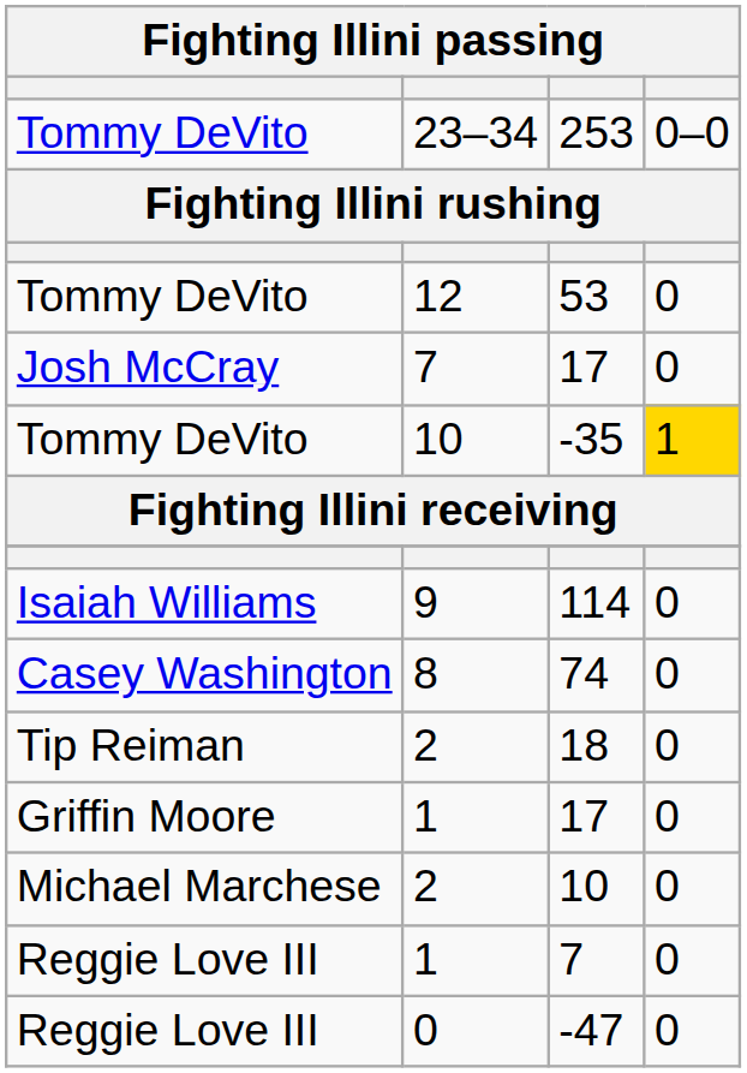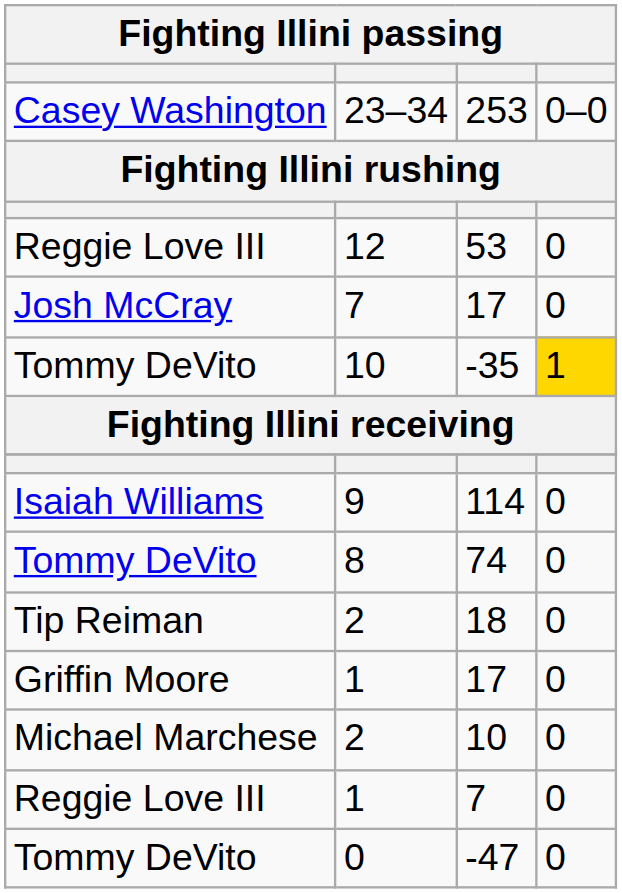 <table class="wikitable plainrowheaders">
 <tr>
 <th colspan="6">Fighting Illini passing</th>
 </tr>
 <tr>
 <th scope="col"></th>
 <th scope="col"></th>
 <th scope="col"></th>
 <th scope="col"></th>
 </tr>
 <tr>
-<td><a href='#'>Tommy DeVito</a></td>
+<td><a href='#'>Casey Washington</a></td>
 <td>23–34</td>
 <td>253</td>
 <td>0–0</td>
 </tr>
 <tr>
 <th colspan="6">Fighting Illini rushing</th>
 </tr>
 <tr>
 <th scope="col"></th>
 <th scope="col"></th>
 <th scope="col"></th>
 <th scope="col"></th>
 </tr>
 <tr>
-<td>Tommy DeVito</td>
+<td>Reggie Love III</td>
 <td>12</td>
 <td>53</td>
 <td>0</td>
 </tr>
 <tr>
 <td><a href='#'>Josh McCray</a></td>
 <td>7</td>
 <td>17</td>
 <td>0</td>
 </tr>
 <tr>
 <td>Tommy DeVito</td>
 <td>10</td>
 <td>-35</td>
 <td style="background: gold;">1</td>
 </tr>
 <tr>
 <th colspan="6">Fighting Illini receiving</th>
 </tr>
 <tr>
 </tr>
 <tr>
 <th scope="col"></th>
 <th scope="col"></th>
 <th scope="col"></th>
 <th scope="col"></th>
 </tr>
 <tr>
 <td><a href='#'>Isaiah Williams</a></td>
 <td>9</td>
 <td>114</td>
 <td>0</td>
 </tr>
 <tr>
-<td><a href='#'>Casey Washington</a></td>
+<td><a href='#'>Tommy DeVito</a></td>
 <td>8</td>
 <td>74</td>
 <td>0</td>
 </tr>
 <tr>
 <td>Tip Reiman</td>
 <td>2</td>
 <td>18</td>
 <td>0</td>
 </tr>
 <tr>
 <td>Griffin Moore</td>
 <td>1</td>
 <td>17</td>
 <td>0</td>
 </tr>
 <tr>
 <td>Michael Marchese</td>
 <td>2</td>
 <td>10</td>
 <td>0</td>
 </tr>
 <tr>
 <td>Reggie Love III</td>
 <td>1</td>
 <td>7</td>
 <td>0</td>
 </tr>
 <tr>
-<td>Reggie Love III</td>
+<td>Tommy DeVito</td>
 <td>0</td>
 <td>-47</td>
 <td>0</td>
 </tr>
 </table>
